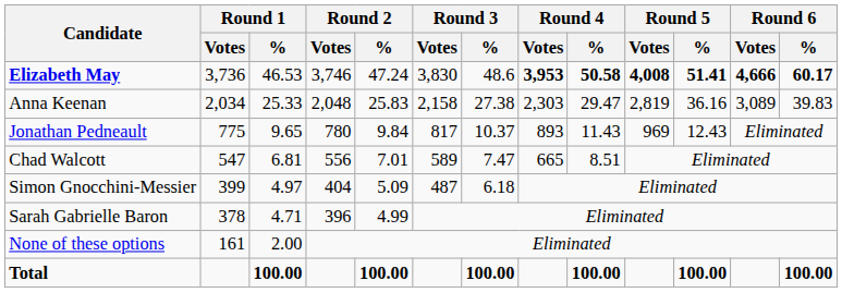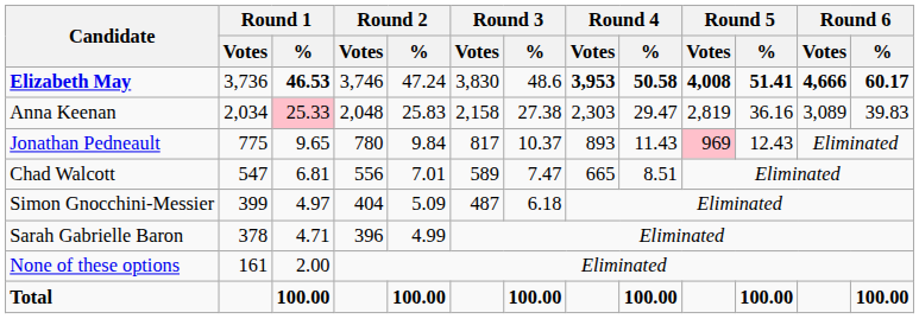 <table class="wikitable">
 <tr>
 <th rowspan=2>Candidate</th>
 <th colspan=2>Round 1</th>
 <th colspan=2>Round 2</th>
 <th colspan=2>Round 3</th>
 <th colspan=2>Round 4</th>
 <th colspan=2>Round 5</th>
 <th colspan=2>Round 6</th>
 </tr>
 <tr>
 <th>Votes</th>
 <th>%</th>
 <th>Votes</th>
 <th>%</th>
 <th>Votes</th>
 <th>%</th>
 <th>Votes</th>
 <th>%</th>
 <th>Votes</th>
 <th>%</th>
 <th>Votes</th>
 <th>%</th>
 </tr>
 <tr>
 <td><strong><a href='#'>Elizabeth May</a></strong></td>
 <td style="text-align:right">3,736</td>
-<td style="text-align:right">46.53</td>
+<td style="text-align:right"><strong>46.53</strong></td>
 <td style="text-align:right">3,746</td>
 <td style="text-align:right">47.24</td>
 <td style="text-align:right">3,830</td>
 <td style="text-align:right">48.6</td>
 <td style="text-align:right"><strong>3,953</strong></td>
 <td style="text-align:right"><strong>50.58</strong></td>
 <td style="text-align:right"><strong>4,008</strong></td>
 <td style="text-align:right"><strong>51.41</strong></td>
 <td style="text-align:right"><strong>4,666</strong></td>
 <td style="text-align:right"><strong>60.17</strong></td>
 </tr>
 <tr>
 <td>Anna Keenan</td>
 <td style="text-align:right">2,034</td>
-<td style="text-align:right">25.33</td>
+<td style="background: pink; text-align:right">25.33</td>
 <td style="text-align:right">2,048</td>
 <td style="text-align:right">25.83</td>
 <td style="text-align:right">2,158</td>
 <td style="text-align:right">27.38</td>
 <td style="text-align:right">2,303</td>
 <td style="text-align:right">29.47</td>
 <td style="text-align:right">2,819</td>
 <td style="text-align:right">36.16</td>
 <td style="text-align:right">3,089</td>
 <td style="text-align:right">39.83</td>
 </tr>
 <tr>
 <td><a href='#'>Jonathan Pedneault</a></td>
 <td style="text-align:right">775</td>
 <td style="text-align:right">9.65</td>
 <td style="text-align:right">780</td>
 <td style="text-align:right">9.84</td>
 <td style="text-align:right">817</td>
 <td style="text-align:right">10.37</td>
 <td style="text-align:right">893</td>
 <td style="text-align:right">11.43</td>
-<td style="text-align:right">969</td>
+<td style="background: pink; text-align:right">969</td>
 <td style="text-align:right">12.43</td>
 <td colspan="2" style="text-align:center"><em>Eliminated</em></td>
 </tr>
 <tr>
 <td>Chad Walcott</td>
 <td style="text-align:right">547</td>
 <td style="text-align:right">6.81</td>
 <td style="text-align:right">556</td>
 <td style="text-align:right">7.01</td>
 <td style="text-align:right">589</td>
 <td style="text-align:right">7.47</td>
 <td style="text-align:right">665</td>
 <td style="text-align:right">8.51</td>
 <td colspan="4" style="text-align:center"><em>Eliminated</em></td>
 </tr>
 <tr>
 <td>Simon Gnocchini-Messier</td>
 <td style="text-align:right">399</td>
 <td style="text-align:right">4.97</td>
 <td style="text-align:right">404</td>
 <td style="text-align:right">5.09</td>
 <td style="text-align:right">487</td>
 <td style="text-align:right">6.18</td>
 <td colspan="6" style="text-align:center"><em>Eliminated</em></td>
 </tr>
 <tr>
 <td>Sarah Gabrielle Baron</td>
 <td style="text-align:right">378</td>
 <td style="text-align:right">4.71</td>
 <td style="text-align:right">396</td>
 <td style="text-align:right">4.99</td>
 <td colspan="8" style="text-align:center"><em>Eliminated</em></td>
 </tr>
 <tr>
 <td><a href='#'>None of these options</a></td>
 <td style="text-align:right">161</td>
 <td style="text-align:right">2.00</td>
 <td colspan="10" style="text-align:center"><em>Eliminated</em></td>
 </tr>
 <tr>
 <td><strong>Total</strong></td>
 <td style="text-align:right"><strong> </strong></td>
 <td style="text-align:right"><strong>100.00</strong></td>
 <td style="text-align:right"><strong> </strong></td>
 <td style="text-align:right"><strong>100.00</strong></td>
 <td style="text-align:right"><strong> </strong></td>
 <td style="text-align:right"><strong>100.00</strong></td>
 <td style="text-align:right"><strong> </strong></td>
 <td style="text-align:right"><strong>100.00</strong></td>
 <td style="text-align:right"><strong> </strong></td>
 <td style="text-align:right"><strong>100.00</strong></td>
 <td style="text-align:right"><strong> </strong></td>
 <td style="text-align:right"><strong>100.00</strong></td>
 </tr>
 </table>
